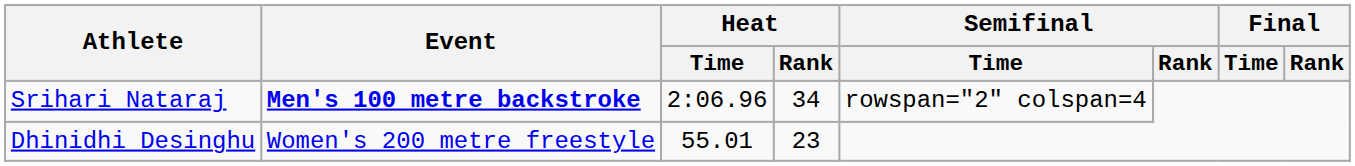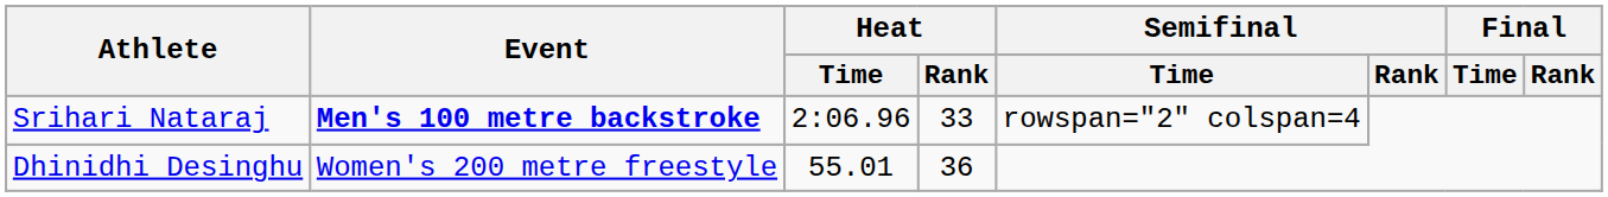 <table class=wikitable style=font-size:90%;text-align:center>
 <tr>
 <th rowspan=2>Athlete</th>
 <th rowspan=2>Event</th>
 <th colspan=2>Heat</th>
 <th colspan=2>Semifinal</th>
 <th colspan=2>Final</th>
 </tr>
 <tr style=font-size:95%>
 <th>Time</th>
 <th>Rank</th>
 <th>Time</th>
 <th>Rank</th>
 <th>Time</th>
 <th>Rank</th>
 </tr>
 <tr>
 <td align=left><a href='#'>Srihari Nataraj</a></td>
 <td align=left><strong><a href='#'>Men's 100 metre backstroke</a></strong></td>
 <td>2:06.96</td>
-<td>34</td>
+<td>33</td>
 <td>rowspan="2" colspan=4 </td>
 </tr>
 <tr>
 <td align=left><a href='#'>Dhinidhi Desinghu</a></td>
 <td align=left><a href='#'>Women's 200 metre freestyle</a></td>
 <td>55.01</td>
-<td>23</td>
+<td>36</td>
 </tr>
 </table>
